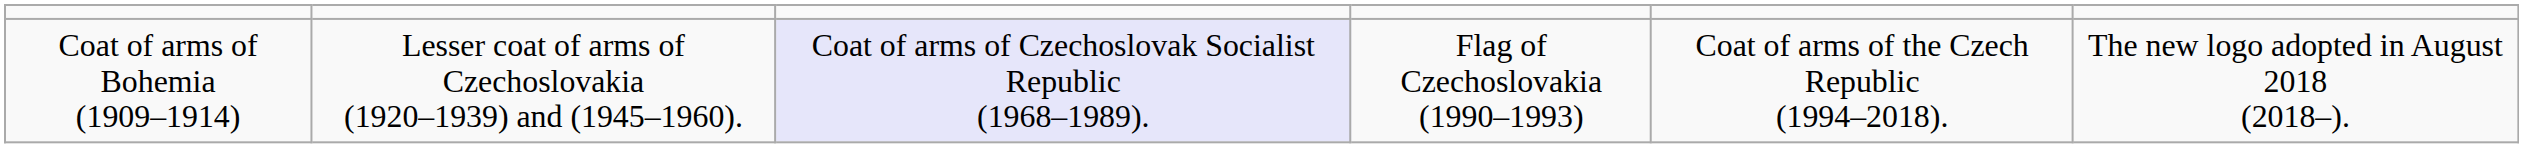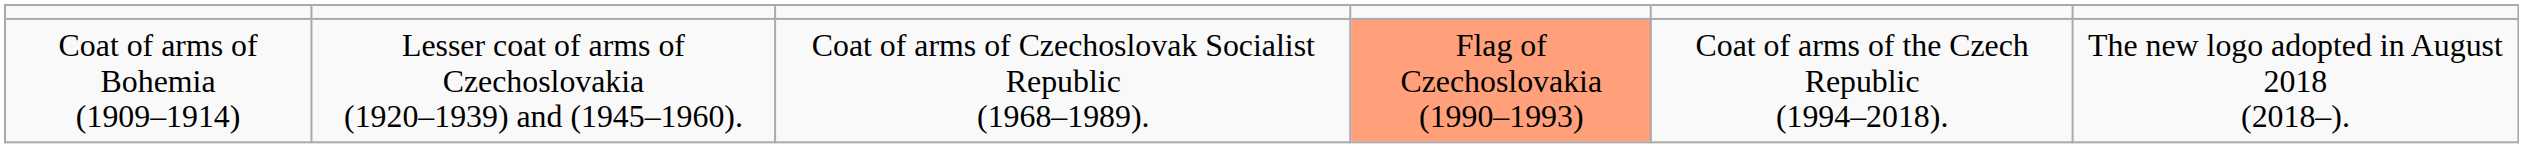 <table class="wikitable" style="margin:1em auto; text-align:center;">
 <tr>
 <td></td>
 <td></td>
 <td></td>
 <td></td>
 <td></td>
 <td></td>
 </tr>
 <tr>
 <td>Coat of arms of Bohemia<br>(1909–1914)</td>
 <td>Lesser coat of arms of Czechoslovakia<br>(1920–1939) and (1945–1960).</td>
-<td style="background: lavender;">Coat of arms of Czechoslovak Socialist Republic<br>(1968–1989).</td>
-<td>Flag of Czechoslovakia<br>(1990–1993)</td>
+<td>Coat of arms of Czechoslovak Socialist Republic<br>(1968–1989).</td>
+<td style="background: lightsalmon;">Flag of Czechoslovakia<br>(1990–1993)</td>
 <td>Coat of arms of the Czech Republic<br>(1994–2018).</td>
 <td>The new logo adopted in August 2018<br>(2018–).</td>
 </tr>
 </table>
